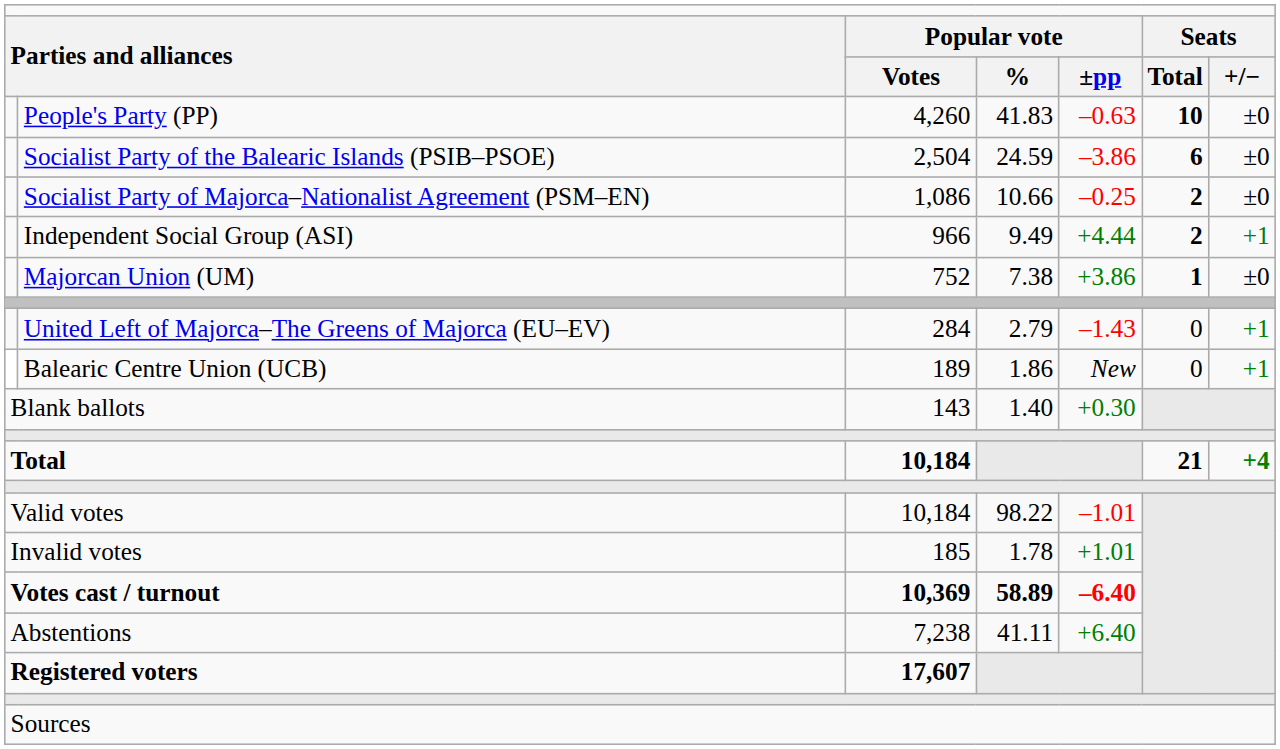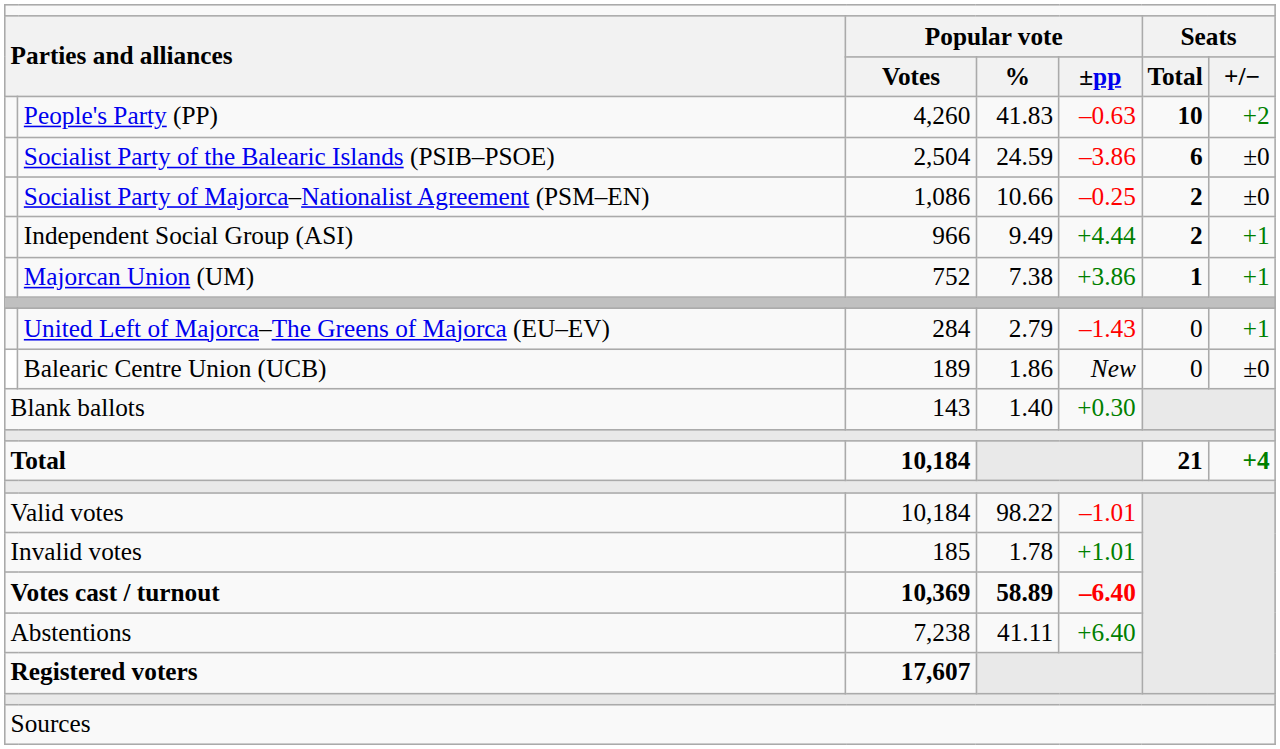 <table class="wikitable" style="text-align:right;">
 <tr>
 <td colspan="7"></td>
 </tr>
 <tr>
 <th style="text-align:left;" rowspan="2" colspan="2" width="525">Parties and alliances</th>
 <th colspan="3">Popular vote</th>
 <th colspan="2">Seats</th>
 </tr>
 <tr>
 <th width="75">Votes</th>
 <th width="45">%</th>
 <th width="45">±<a href='#'>pp</a></th>
 <th width="35">Total</th>
 <th width="35">+/−</th>
 </tr>
 <tr>
 <td width="1" style="color:inherit;background:"></td>
 <td align="left"><a href='#'>People's Party</a> (PP)</td>
 <td>4,260</td>
 <td>41.83</td>
 <td style="color:red;">–0.63</td>
 <td><strong>10</strong></td>
-<td>±0</td>
+<td style="color:green;">+2</td>
 </tr>
 <tr>
 <td style="color:inherit;background:"></td>
 <td align="left"><a href='#'>Socialist Party of the Balearic Islands</a> (PSIB–PSOE)</td>
 <td>2,504</td>
 <td>24.59</td>
 <td style="color:red;">–3.86</td>
 <td><strong>6</strong></td>
 <td>±0</td>
 </tr>
 <tr>
 <td style="color:inherit;background:"></td>
 <td align="left"><a href='#'>Socialist Party of Majorca</a>–<a href='#'>Nationalist Agreement</a> (PSM–EN)</td>
 <td>1,086</td>
 <td>10.66</td>
 <td style="color:red;">–0.25</td>
 <td><strong>2</strong></td>
 <td>±0</td>
 </tr>
 <tr>
 <td style="color:inherit;background:"></td>
 <td align="left">Independent Social Group (ASI)</td>
 <td>966</td>
 <td>9.49</td>
 <td style="color:green;">+4.44</td>
 <td><strong>2</strong></td>
 <td style="color:green;">+1</td>
 </tr>
 <tr>
 <td style="color:inherit;background:"></td>
 <td align="left"><a href='#'>Majorcan Union</a> (UM)</td>
 <td>752</td>
 <td>7.38</td>
 <td style="color:green;">+3.86</td>
 <td><strong>1</strong></td>
-<td>±0</td>
+<td style="color:green;">+1</td>
 </tr>
 <tr>
 <td colspan="7" bgcolor="#C0C0C0"></td>
 </tr>
 <tr>
 <td style="color:inherit;background:"></td>
 <td align="left"><a href='#'>United Left of Majorca</a>–<a href='#'>The Greens of Majorca</a> (EU–EV)</td>
 <td>284</td>
 <td>2.79</td>
 <td style="color:red;">–1.43</td>
 <td>0</td>
 <td style="color:green;">+1</td>
 </tr>
 <tr>
 <td bgcolor="white"></td>
 <td align="left">Balearic Centre Union (UCB)</td>
 <td>189</td>
 <td>1.86</td>
 <td><em>New</em></td>
 <td>0</td>
-<td style="color:green;">+1</td>
+<td>±0</td>
 </tr>
 <tr>
 <td align="left" colspan="2">Blank ballots</td>
 <td>143</td>
 <td>1.40</td>
 <td style="color:green;">+0.30</td>
 <td bgcolor="#E9E9E9" colspan="2"></td>
 </tr>
 <tr>
 <td colspan="7" bgcolor="#E9E9E9"></td>
 </tr>
 <tr style="font-weight:bold;">
 <td align="left" colspan="2">Total</td>
 <td>10,184</td>
 <td bgcolor="#E9E9E9" colspan="2"></td>
 <td>21</td>
 <td style="color:green;">+4</td>
 </tr>
 <tr>
 <td colspan="7" bgcolor="#E9E9E9"></td>
 </tr>
 <tr>
 <td align="left" colspan="2">Valid votes</td>
 <td>10,184</td>
 <td>98.22</td>
 <td style="color:red;">–1.01</td>
 <td bgcolor="#E9E9E9" colspan="2" rowspan="5"></td>
 </tr>
 <tr>
 <td align="left" colspan="2">Invalid votes</td>
 <td>185</td>
 <td>1.78</td>
 <td style="color:green;">+1.01</td>
 </tr>
 <tr style="font-weight:bold;">
 <td align="left" colspan="2">Votes cast / turnout</td>
 <td>10,369</td>
 <td>58.89</td>
 <td style="color:red;">–6.40</td>
 </tr>
 <tr>
 <td align="left" colspan="2">Abstentions</td>
 <td>7,238</td>
 <td>41.11</td>
 <td style="color:green;">+6.40</td>
 </tr>
 <tr style="font-weight:bold;">
 <td align="left" colspan="2">Registered voters</td>
 <td>17,607</td>
 <td bgcolor="#E9E9E9" colspan="2"></td>
 </tr>
 <tr>
 <td colspan="7" bgcolor="#E9E9E9"></td>
 </tr>
 <tr>
 <td align="left" colspan="7">Sources</td>
 </tr>
 </table>
